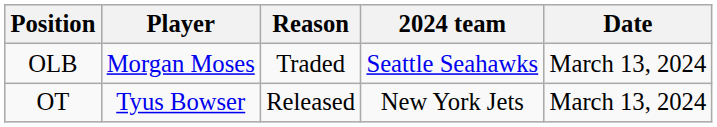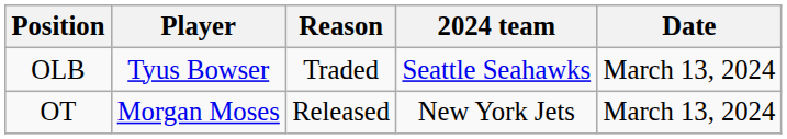 <table class="wikitable" style="text-align:center">
 <tr>
 <th>Position</th>
 <th>Player</th>
 <th>Reason</th>
 <th>2024 team</th>
 <th>Date</th>
 </tr>
 <tr>
 <td>OLB</td>
-<td><a href='#'>Morgan Moses</a></td>
+<td><a href='#'>Tyus Bowser</a></td>
 <td>Traded</td>
 <td><a href='#'>Seattle Seahawks</a></td>
 <td>March 13, 2024</td>
 </tr>
 <tr>
 <td>OT</td>
-<td><a href='#'>Tyus Bowser</a></td>
+<td><a href='#'>Morgan Moses</a></td>
 <td>Released</td>
 <td>New York Jets</td>
 <td>March 13, 2024</td>
 </tr>
 </table>
